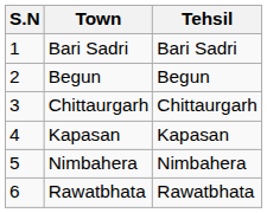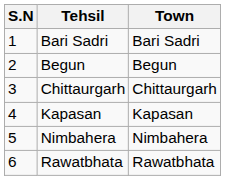 <table class="wikitable">
 <tr>
 <th>S.N</th>
+<th>Tehsil</th>
 <th>Town</th>
-<th>Tehsil</th>
 </tr>
 <tr>
 <td>1</td>
 <td>Bari  Sadri</td>
 <td>Bari  Sadri</td>
 </tr>
 <tr>
 <td>2</td>
 <td>Begun</td>
 <td>Begun</td>
 </tr>
 <tr>
 <td>3</td>
 <td>Chittaurgarh</td>
 <td>Chittaurgarh</td>
 </tr>
 <tr>
 <td>4</td>
 <td>Kapasan</td>
 <td>Kapasan</td>
 </tr>
 <tr>
 <td>5</td>
 <td>Nimbahera</td>
 <td>Nimbahera</td>
 </tr>
 <tr>
 <td>6</td>
 <td>Rawatbhata</td>
 <td>Rawatbhata</td>
 </tr>
 </table>
